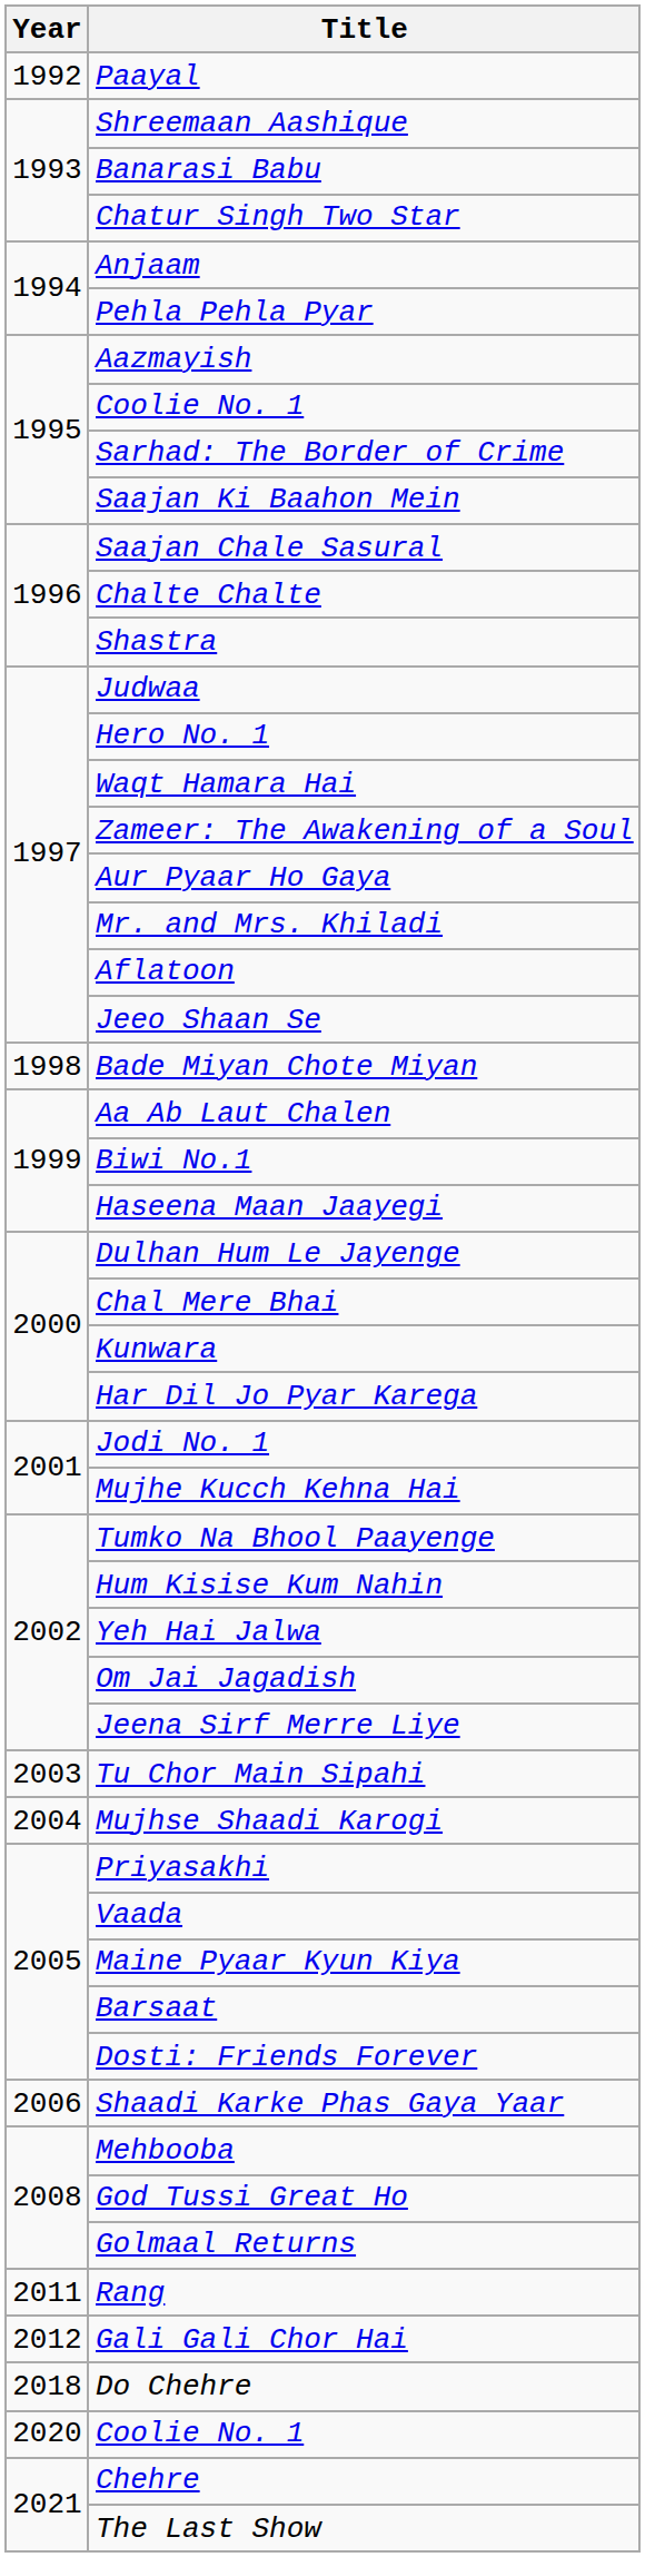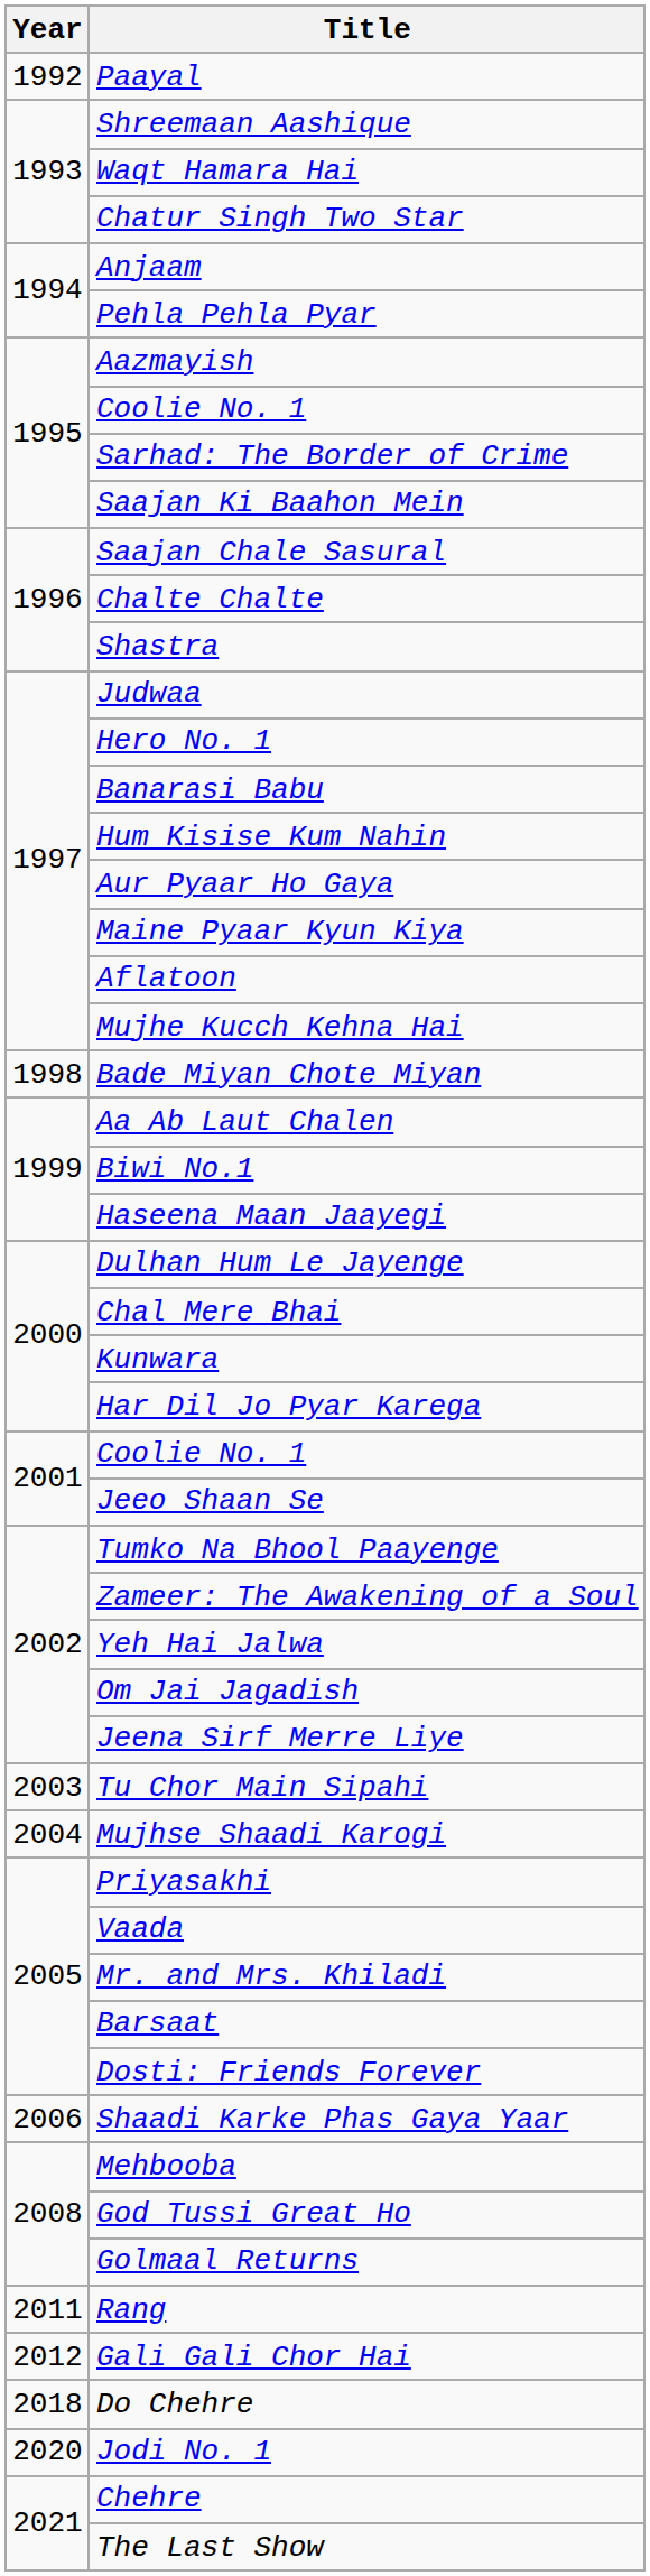 <table class="wikitable">
 <tr style="background:#ccc; text-align:center;">
 <th>Year</th>
 <th>Title</th>
 </tr>
 <tr>
 <td>1992</td>
 <td><em><a href='#'>Paayal</a></em></td>
 </tr>
 <tr>
 <td rowspan="3">1993</td>
 <td><em><a href='#'>Shreemaan Aashique</a></em></td>
 </tr>
 <tr>
-<td><em><a href='#'>Banarasi Babu</a></em></td>
+<td><em><a href='#'>Waqt Hamara Hai</a></em></td>
 </tr>
 <tr>
 <td><em><a href='#'>Chatur Singh Two Star</a></em></td>
 </tr>
 <tr>
 <td rowspan="2">1994</td>
 <td><em><a href='#'>Anjaam</a></em></td>
 </tr>
 <tr>
 <td><em><a href='#'>Pehla Pehla Pyar</a></em></td>
 </tr>
 <tr>
 <td rowspan="4">1995</td>
 <td><em><a href='#'>Aazmayish</a></em></td>
 </tr>
 <tr>
 <td><em><a href='#'>Coolie No. 1</a></em></td>
 </tr>
 <tr>
 <td><em><a href='#'>Sarhad: The Border of Crime</a></em></td>
 </tr>
 <tr>
 <td><em><a href='#'>Saajan Ki Baahon Mein</a></em></td>
 </tr>
 <tr>
 <td rowspan="3">1996</td>
 <td><em><a href='#'>Saajan Chale Sasural</a></em></td>
 </tr>
 <tr>
 <td><em><a href='#'>Chalte Chalte</a></em></td>
 </tr>
 <tr>
 <td><em><a href='#'>Shastra</a></em></td>
 </tr>
 <tr>
 <td rowspan="8">1997</td>
 <td><em><a href='#'>Judwaa</a></em></td>
 </tr>
 <tr>
 <td><em><a href='#'>Hero No. 1</a></em></td>
 </tr>
 <tr>
-<td><em><a href='#'>Waqt Hamara Hai</a></em></td>
+<td><em><a href='#'>Banarasi Babu</a></em></td>
 </tr>
 <tr>
-<td><em><a href='#'>Zameer: The Awakening of a Soul</a></em></td>
+<td><em><a href='#'>Hum Kisise Kum Nahin</a></em></td>
 </tr>
 <tr>
 <td><em><a href='#'>Aur Pyaar Ho Gaya</a></em></td>
 </tr>
 <tr>
-<td><em><a href='#'>Mr. and Mrs. Khiladi</a></em></td>
+<td><em><a href='#'>Maine Pyaar Kyun Kiya</a></em></td>
 </tr>
 <tr>
 <td><em><a href='#'>Aflatoon</a></em></td>
 </tr>
 <tr>
-<td><em><a href='#'>Jeeo Shaan Se</a></em></td>
+<td><em><a href='#'>Mujhe Kucch Kehna Hai</a></em></td>
 </tr>
 <tr>
 <td>1998</td>
 <td><em><a href='#'>Bade Miyan Chote Miyan</a></em></td>
 </tr>
 <tr>
 <td rowspan="3">1999</td>
 <td><em><a href='#'>Aa Ab Laut Chalen</a></em></td>
 </tr>
 <tr>
 <td><em><a href='#'>Biwi No.1</a></em></td>
 </tr>
 <tr>
 <td><em><a href='#'>Haseena Maan Jaayegi</a></em></td>
 </tr>
 <tr>
 <td rowspan="4">2000</td>
 <td><em><a href='#'>Dulhan Hum Le Jayenge</a></em></td>
 </tr>
 <tr>
 <td><em><a href='#'>Chal Mere Bhai</a></em></td>
 </tr>
 <tr>
 <td><em><a href='#'>Kunwara</a></em></td>
 </tr>
 <tr>
 <td><em><a href='#'>Har Dil Jo Pyar Karega</a></em></td>
 </tr>
 <tr>
 <td rowspan="2">2001</td>
-<td><em><a href='#'>Jodi No. 1</a></em></td>
+<td><em><a href='#'>Coolie No. 1</a></em></td>
 </tr>
 <tr>
-<td><em><a href='#'>Mujhe Kucch Kehna Hai</a></em></td>
+<td><em><a href='#'>Jeeo Shaan Se</a></em></td>
 </tr>
 <tr>
 <td rowspan="5">2002</td>
 <td><em><a href='#'>Tumko Na Bhool Paayenge</a></em></td>
 </tr>
 <tr>
-<td><em><a href='#'>Hum Kisise Kum Nahin</a></em></td>
+<td><em><a href='#'>Zameer: The Awakening of a Soul</a></em></td>
 </tr>
 <tr>
 <td><em><a href='#'>Yeh Hai Jalwa</a></em></td>
 </tr>
 <tr>
 <td><em><a href='#'>Om Jai Jagadish</a></em></td>
 </tr>
 <tr>
 <td><em><a href='#'>Jeena Sirf Merre Liye</a></em></td>
 </tr>
 <tr>
 <td>2003</td>
 <td><em><a href='#'>Tu Chor Main Sipahi</a></em></td>
 </tr>
 <tr>
 <td>2004</td>
 <td><em><a href='#'>Mujhse Shaadi Karogi</a></em></td>
 </tr>
 <tr>
 <td rowspan="5">2005</td>
 <td><em><a href='#'>Priyasakhi</a></em></td>
 </tr>
 <tr>
 <td><em><a href='#'>Vaada</a></em></td>
 </tr>
 <tr>
-<td><em><a href='#'>Maine Pyaar Kyun Kiya</a></em></td>
+<td><em><a href='#'>Mr. and Mrs. Khiladi</a></em></td>
 </tr>
 <tr>
 <td><em><a href='#'>Barsaat</a></em></td>
 </tr>
 <tr>
 <td><em><a href='#'>Dosti: Friends Forever</a></em></td>
 </tr>
 <tr>
 <td>2006</td>
 <td><em><a href='#'>Shaadi Karke Phas Gaya Yaar</a></em></td>
 </tr>
 <tr>
 <td rowspan="3">2008</td>
 <td><em><a href='#'>Mehbooba</a></em></td>
 </tr>
 <tr>
 <td><em><a href='#'>God Tussi Great Ho</a></em></td>
 </tr>
 <tr>
 <td><em><a href='#'>Golmaal Returns</a></em></td>
 </tr>
 <tr>
 <td>2011</td>
 <td><em><a href='#'>Rang</a></em></td>
 </tr>
 <tr>
 <td>2012</td>
 <td><em><a href='#'>Gali Gali Chor Hai</a></em></td>
 </tr>
 <tr>
 <td>2018</td>
 <td><em>Do Chehre</em></td>
 </tr>
 <tr>
 <td>2020</td>
-<td><em><a href='#'>Coolie No. 1</a></em></td>
+<td><em><a href='#'>Jodi No. 1</a></em></td>
 </tr>
 <tr>
 <td rowspan=2>2021</td>
 <td><em><a href='#'>Chehre</a></em></td>
 </tr>
 <tr>
 <td><em>The Last Show</em></td>
 </tr>
 </table>
